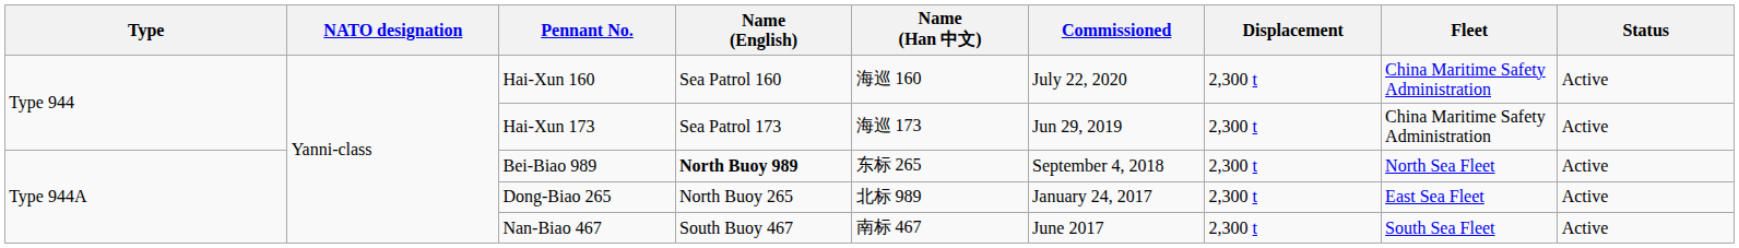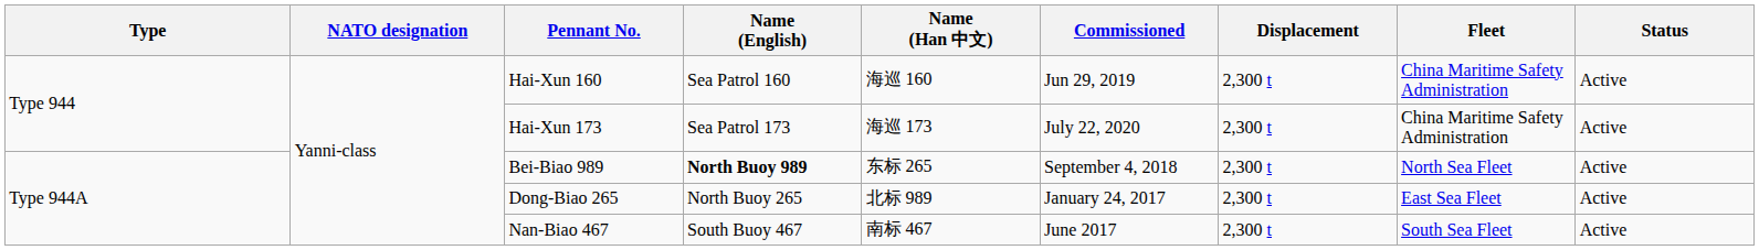 <table class="wikitable sortable"  style="margin:auto; width:100%;">
 <tr>
 <th style="text-align:center; width:16%;">Type</th>
 <th style="text-align:center; width:12%;"><a href='#'>NATO designation</a></th>
 <th style="text-align:center; width:10%;"><a href='#'>Pennant No.</a></th>
 <th style="text-align:center; width:10%;">Name<br>(English)</th>
 <th style="text-align:center; width:10%;">Name<br>(Han 中文)</th>
 <th style="text-align:center; width:10%;"><a href='#'>Commissioned</a></th>
 <th style="text-align:center; width:10%;">Displacement</th>
 <th style="text-align:center; width:10%;">Fleet</th>
 <th style="text-align:center; width:10%;">Status</th>
 </tr>
 <tr>
 <td rowspan="2">Type 944</td>
 <td rowspan="5">Yanni-class</td>
 <td>Hai-Xun 160</td>
 <td>Sea Patrol 160</td>
 <td>海巡 160</td>
-<td>July 22, 2020</td>
+<td>Jun 29, 2019</td>
 <td>2,300 <a href='#'>t</a></td>
 <td><a href='#'>China Maritime Safety Administration</a></td>
 <td><span>Active</span></td>
 </tr>
 <tr>
 <td>Hai-Xun 173</td>
 <td>Sea Patrol 173</td>
 <td>海巡 173</td>
-<td>Jun 29, 2019</td>
+<td>July 22, 2020</td>
 <td>2,300 <a href='#'>t</a></td>
 <td>China Maritime Safety Administration</td>
 <td><span>Active</span></td>
 </tr>
 <tr>
 <td rowspan="3">Type 944A</td>
 <td>Bei-Biao 989</td>
 <td><strong>North Buoy 989</strong></td>
 <td>东标 265</td>
 <td>September 4, 2018</td>
 <td>2,300 <a href='#'>t</a></td>
 <td><a href='#'>North Sea Fleet</a></td>
 <td><span>Active</span></td>
 </tr>
 <tr>
 <td>Dong-Biao 265</td>
 <td>North Buoy 265</td>
 <td>北标 989</td>
 <td>January 24, 2017</td>
 <td>2,300 <a href='#'>t</a></td>
 <td><a href='#'>East Sea Fleet</a></td>
 <td><span>Active</span></td>
 </tr>
 <tr>
 <td>Nan-Biao 467</td>
 <td>South Buoy 467</td>
 <td>南标 467</td>
 <td>June 2017</td>
 <td>2,300 <a href='#'>t</a></td>
 <td><a href='#'>South Sea Fleet</a></td>
 <td><span>Active</span></td>
 </tr>
 </table>
